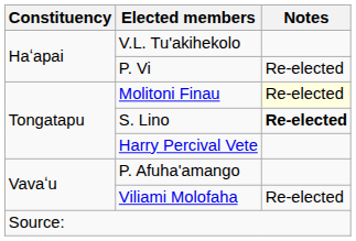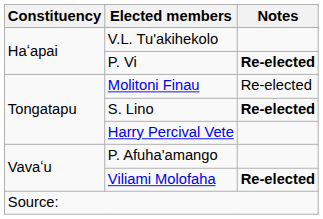 <table class=wikitable>
 <tr>
 <th>Constituency</th>
 <th>Elected members</th>
 <th>Notes</th>
 </tr>
 <tr>
 <td rowspan=2>Haʻapai</td>
 <td>V.L. Tu'akihekolo</td>
 <td></td>
 </tr>
 <tr>
 <td>P. Vi</td>
-<td>Re-elected</td>
+<td><strong>Re-elected</strong></td>
 </tr>
 <tr>
 <td rowspan=3>Tongatapu</td>
 <td><a href='#'>Molitoni Finau</a></td>
-<td style="background: lightyellow;">Re-elected</td>
+<td>Re-elected</td>
 </tr>
 <tr>
 <td>S. Lino</td>
 <td><strong>Re-elected</strong></td>
 </tr>
 <tr>
 <td><a href='#'>Harry Percival Vete</a></td>
 <td></td>
 </tr>
 <tr>
 <td rowspan=2>Vavaʻu</td>
 <td>P. Afuha'amango</td>
 <td></td>
 </tr>
 <tr>
 <td><a href='#'>Viliami Molofaha</a></td>
-<td>Re-elected</td>
+<td><strong>Re-elected</strong></td>
 </tr>
 <tr>
 <td colspan=3>Source: </td>
 </tr>
 </table>
